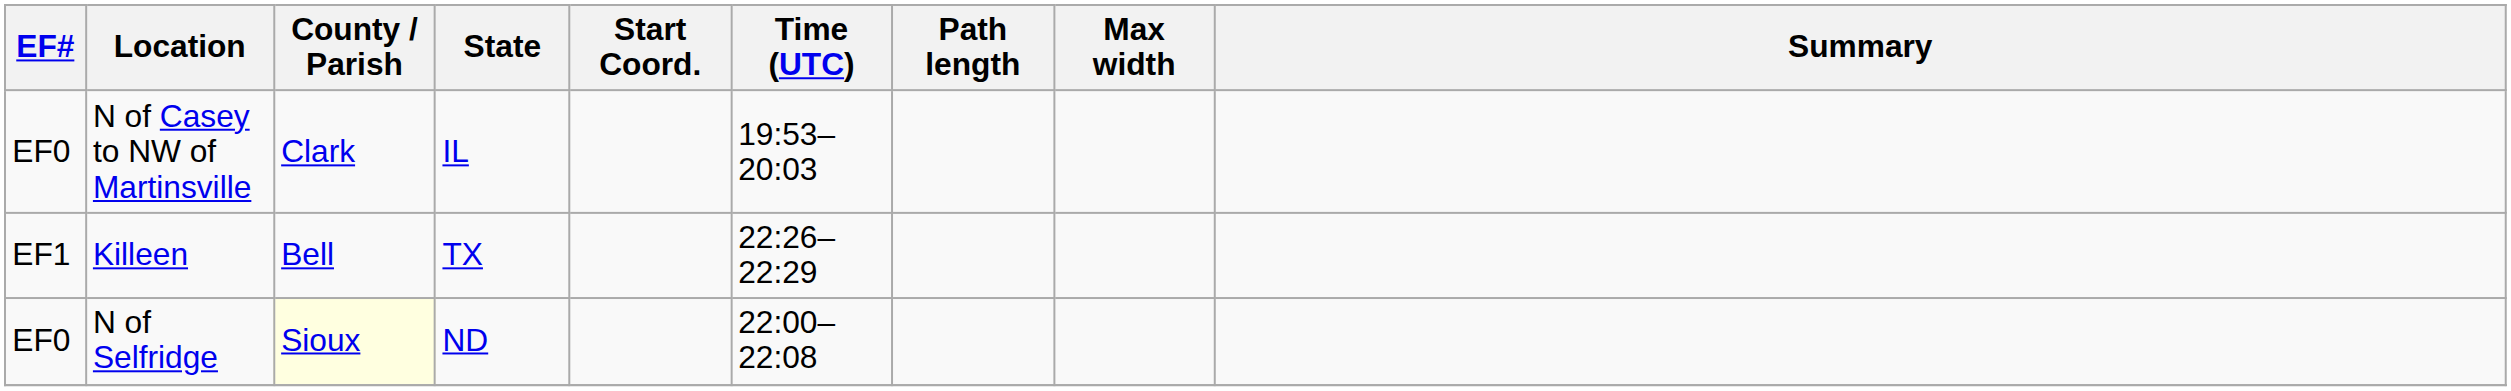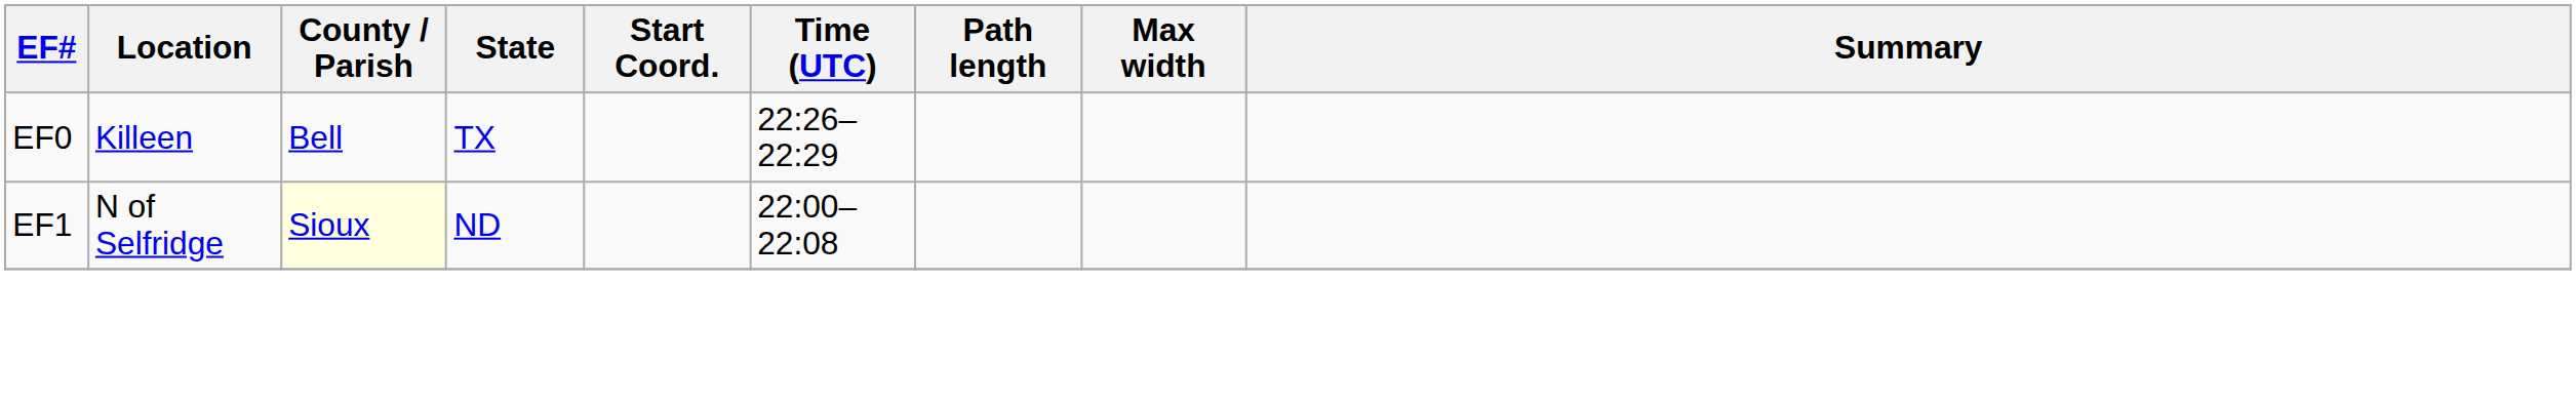 <table class="wikitable sortable" style="width:100%;">
 <tr>
 <th scope="col"  style="width:3%; text-align:center;"><a href='#'>EF#</a></th>
 <th scope="col"  style="width:7%; text-align:center;" class="unsortable">Location</th>
 <th scope="col"  style="width:6%; text-align:center;" class="unsortable">County / Parish</th>
 <th scope="col"  style="width:5%; text-align:center;">State</th>
 <th scope="col"  style="width:6%; text-align:center;">Start Coord.</th>
 <th scope="col"  style="width:6%; text-align:center;">Time (<a href='#'>UTC</a>)</th>
 <th scope="col"  style="width:6%; text-align:center;">Path length</th>
 <th scope="col"  style="width:6%; text-align:center;">Max width</th>
 <th scope="col" class="unsortable" style="width:48%; text-align:center;">Summary</th>
 </tr>
 <tr>
 <td>EF0</td>
-<td>N of <a href='#'>Casey</a> to NW of <a href='#'>Martinsville</a></td>
-<td><a href='#'>Clark</a></td>
-<td><a href='#'>IL</a></td>
-<td></td>
-<td>19:53–20:03</td>
-<td></td>
-<td></td>
-<td></td>
-</tr>
-<tr>
-<td>EF1</td>
 <td><a href='#'>Killeen</a></td>
 <td><a href='#'>Bell</a></td>
 <td><a href='#'>TX</a></td>
 <td></td>
 <td>22:26–22:29</td>
 <td></td>
 <td></td>
 <td></td>
 </tr>
 <tr>
-<td>EF0</td>
+<td>EF1</td>
 <td>N of <a href='#'>Selfridge</a></td>
 <td style="background: lightyellow;"><a href='#'>Sioux</a></td>
 <td><a href='#'>ND</a></td>
 <td></td>
 <td>22:00–22:08</td>
 <td></td>
 <td></td>
 <td></td>
 </tr>
 <tr>
 </tr>
 </table>
